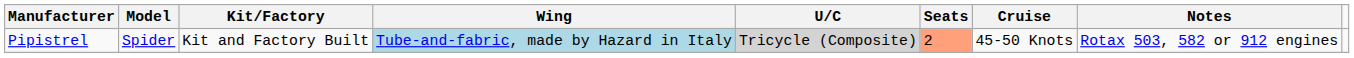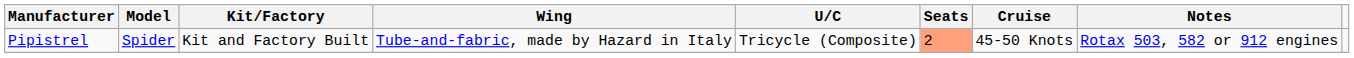 <table class="wikitable">
 <tr>
 <th>Manufacturer</th>
 <th>Model</th>
 <th>Kit/Factory</th>
 <th>Wing</th>
 <th>U/C</th>
 <th>Seats</th>
 <th>Cruise</th>
 <th>Notes</th>
 </tr>
 <tr>
 <td><a href='#'>Pipistrel</a></td>
 <td><a href='#'>Spider</a></td>
 <td>Kit and Factory Built</td>
-<td style="background: lightblue;"><a href='#'>Tube-and-fabric</a>, made by Hazard in Italy</td>
-<td style="background: lightgrey;">Tricycle (Composite)</td>
+<td><a href='#'>Tube-and-fabric</a>, made by Hazard in Italy</td>
+<td>Tricycle (Composite)</td>
 <td style="background: lightsalmon;">2</td>
 <td>45-50 Knots</td>
 <td><a href='#'>Rotax</a> <a href='#'>503</a>, <a href='#'>582</a> or <a href='#'>912</a> engines</td>
 <td></td>
 </tr>
 <tr>
 </tr>
 </table>
